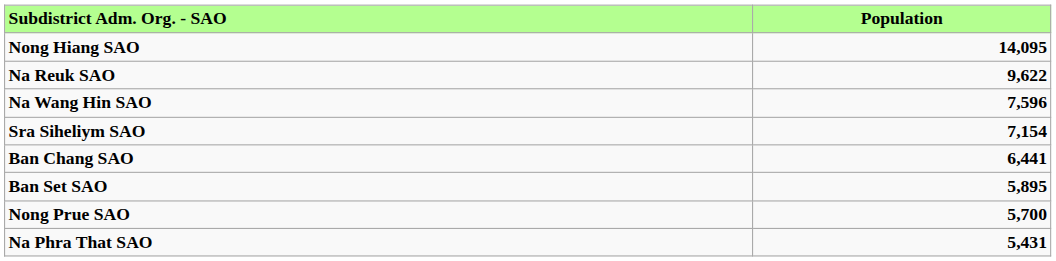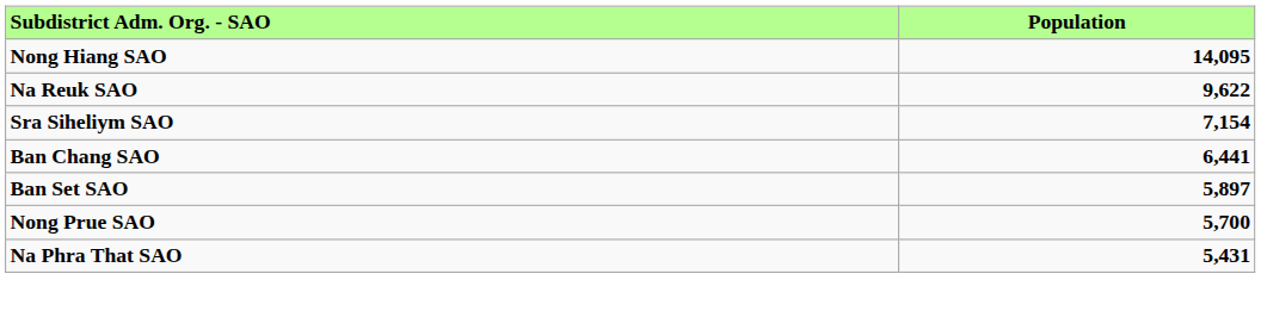 <table class="wikitable" style="width:48%; display:inline-table;">
 <tr>
 <td style= "background: #b4ff90;"><strong>Subdistrict Adm. Org. - SAO</strong></td>
 <td style= "background: #b4ff90; text-align:center;"><strong>Population</strong></td>
 </tr>
 <tr>
 <td><strong>Nong Hiang SAO</strong></td>
 <td style="text-align:right;"><strong>14,095</strong></td>
 </tr>
 <tr>
 <td><strong>Na Reuk SAO</strong></td>
 <td style="text-align:right;"><strong>9,622</strong></td>
 </tr>
 <tr>
-<td><strong>Na Wang Hin SAO</strong></td>
-<td style="text-align:right;"><strong>7,596</strong></td>
-</tr>
-<tr>
 <td><strong>Sra Siheliym SAO</strong></td>
 <td style="text-align:right;"><strong>7,154</strong></td>
 </tr>
 <tr>
 <td><strong>Ban Chang SAO</strong></td>
 <td style="text-align:right;"><strong>6,441</strong></td>
 </tr>
 <tr>
 <td><strong>Ban Set SAO</strong></td>
-<td style="text-align:right;"><strong>5,895</strong></td>
+<td style="text-align:right;"><strong>5,897</strong></td>
 </tr>
 <tr>
 <td><strong>Nong Prue SAO</strong></td>
 <td style="text-align:right;"><strong>5,700</strong></td>
 </tr>
 <tr>
 <td><strong>Na Phra That SAO</strong></td>
 <td style="text-align:right;"><strong>5,431</strong></td>
 </tr>
 </table>
